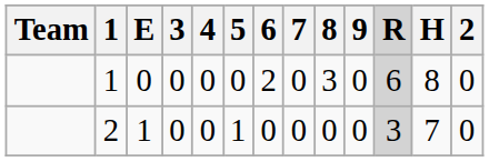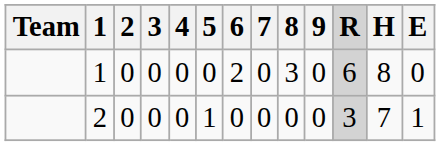 <table class="wikitable" style="text-align:center; margin-left: auto; margin-right: auto; border: none;">
 <tr>
 <th>Team</th>
 <th>1</th>
-<th>E</th>
+<th>2</th>
 <th>3</th>
 <th>4</th>
 <th>5</th>
 <th>6</th>
 <th>7</th>
 <th>8</th>
 <th>9</th>
 <th style="background-color:lightgrey">R</th>
 <th>H</th>
-<th>2</th>
+<th>E</th>
 </tr>
 <tr>
 <td></td>
 <td>1</td>
 <td>0</td>
 <td>0</td>
 <td>0</td>
 <td>0</td>
 <td>2</td>
 <td>0</td>
 <td>3</td>
 <td>0</td>
 <td style="background-color:lightgrey">6</td>
 <td>8</td>
 <td>0</td>
 </tr>
 <tr>
 <td></td>
 <td>2</td>
-<td>1</td>
+<td>0</td>
 <td>0</td>
 <td>0</td>
 <td>1</td>
 <td>0</td>
 <td>0</td>
 <td>0</td>
 <td>0</td>
 <td style="background-color:lightgrey">3</td>
 <td>7</td>
-<td>0</td>
+<td>1</td>
 </tr>
 </table>
